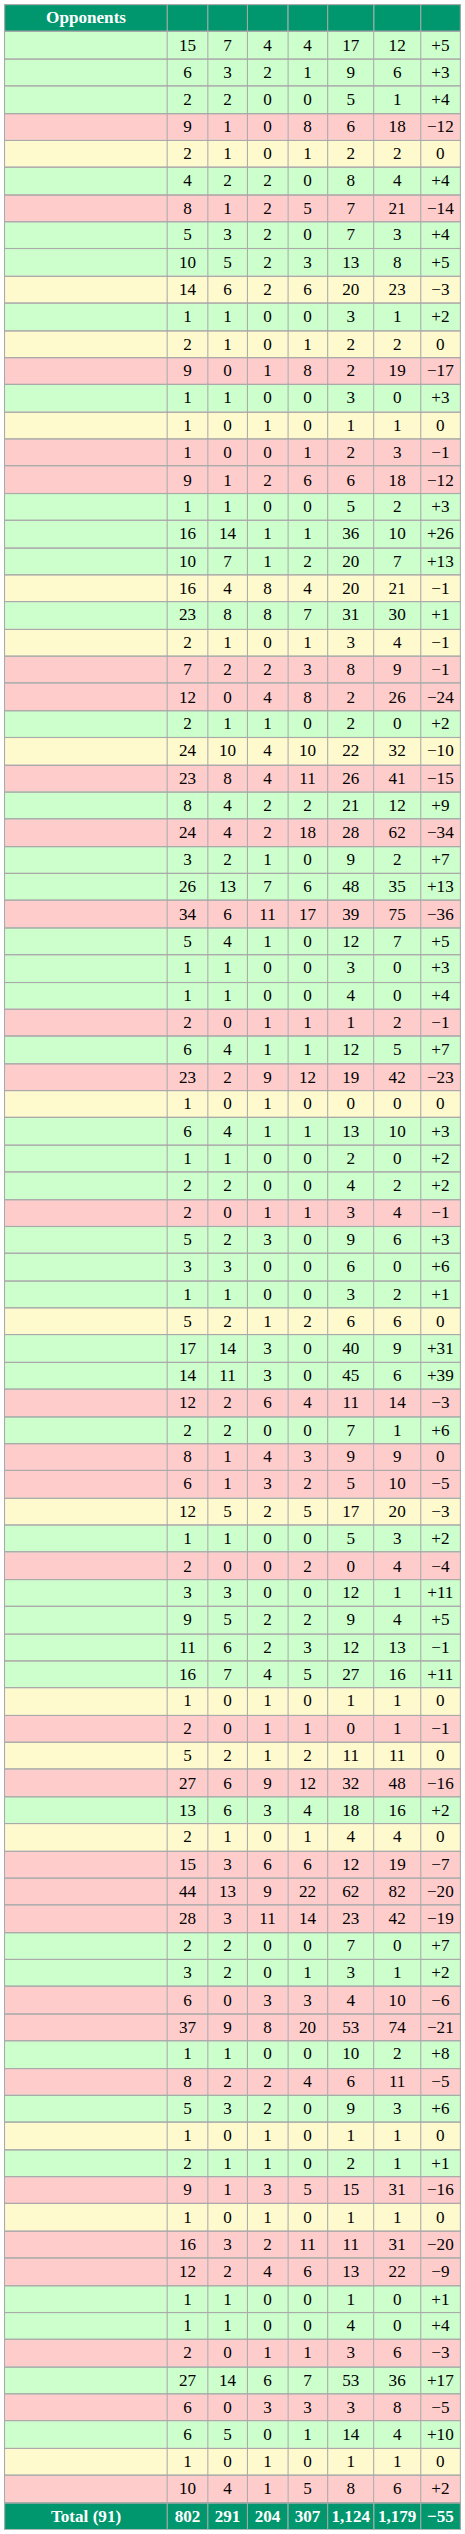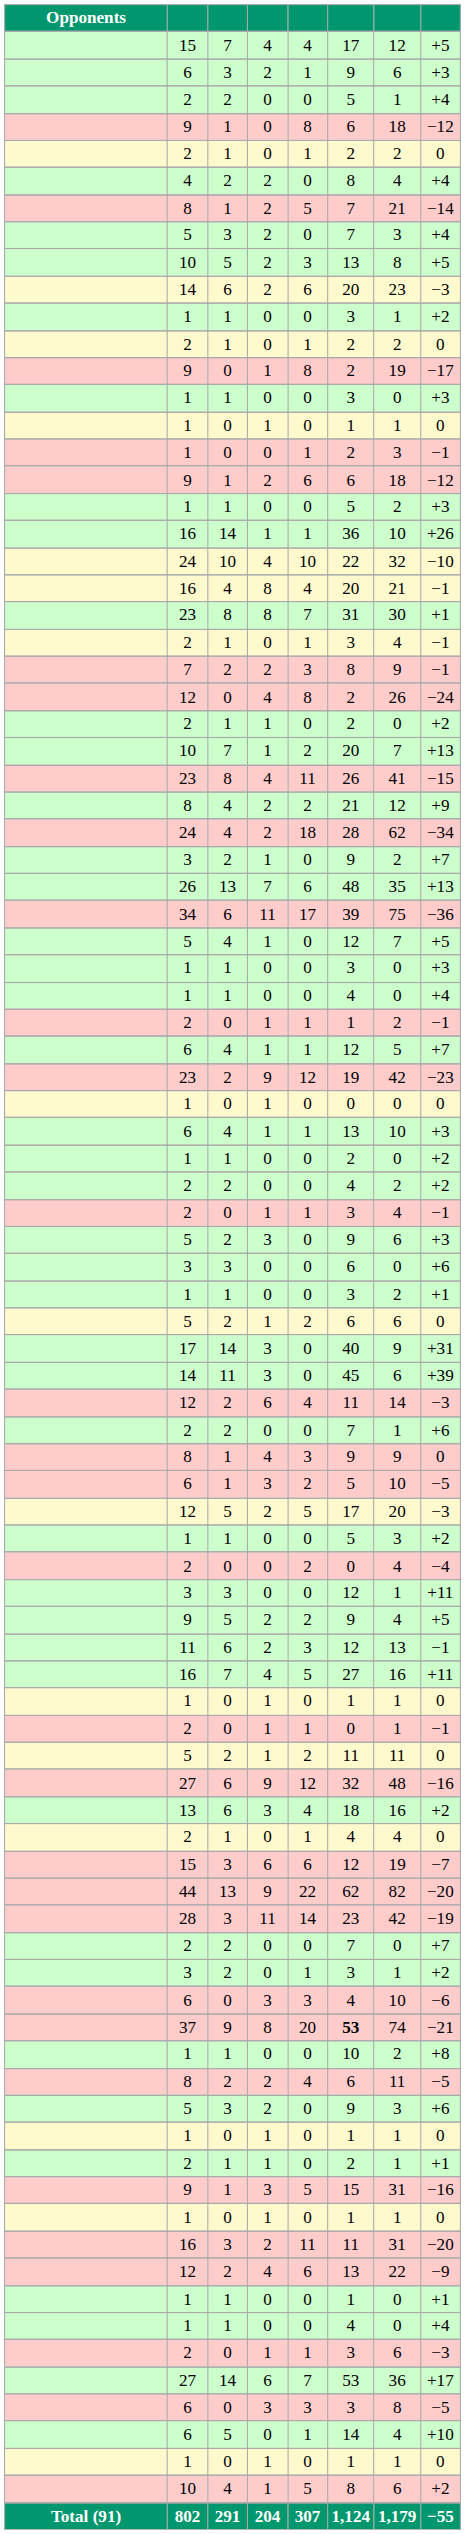 <table class="wikitable sortable collapsible collapsed" style="text-align: center; font-size: 100%;">
 <tr style="color:white;">
 <th style="width:145px; background-color:#00966E; color:white;">Opponents</th>
 <th style="width:30px; background-color:#00966E; color:white;"></th>
 <th style="width:30px; background-color:#00966E; color:white;"></th>
 <th style="width:30px; background-color:#00966E; color:white;"></th>
 <th style="width:30px; background-color:#00966E; color:white;"></th>
 <th style="width:30px; background-color:#00966E; color:white;"></th>
 <th style="width:30px; background-color:#00966E; color:white;"></th>
 <th style="width:30px; background-color:#00966E; color:white;"></th>
 </tr>
 <tr>
 </tr>
 <tr bgcolor="#CCFFCC">
 <td style="text-align:left;"></td>
 <td>15</td>
 <td>7</td>
 <td>4</td>
 <td>4</td>
 <td>17</td>
 <td>12</td>
 <td>+5</td>
 </tr>
 <tr>
 </tr>
 <tr bgcolor="#CCFFCC">
 <td style="text-align:left;"></td>
 <td>6</td>
 <td>3</td>
 <td>2</td>
 <td>1</td>
 <td>9</td>
 <td>6</td>
 <td>+3</td>
 </tr>
 <tr>
 </tr>
 <tr bgcolor="#CCFFCC">
 <td style="text-align:left;"></td>
 <td>2</td>
 <td>2</td>
 <td>0</td>
 <td>0</td>
 <td>5</td>
 <td>1</td>
 <td>+4</td>
 </tr>
 <tr>
 </tr>
 <tr bgcolor="#FFCCCC">
 <td style="text-align:left;"></td>
 <td>9</td>
 <td>1</td>
 <td>0</td>
 <td>8</td>
 <td>6</td>
 <td>18</td>
 <td>−12</td>
 </tr>
 <tr>
 </tr>
 <tr bgcolor="#FFFACD">
 <td style="text-align:left;"></td>
 <td>2</td>
 <td>1</td>
 <td>0</td>
 <td>1</td>
 <td>2</td>
 <td>2</td>
 <td>0</td>
 </tr>
 <tr>
 </tr>
 <tr bgcolor="#CCFFCC">
 <td style="text-align:left;"></td>
 <td>4</td>
 <td>2</td>
 <td>2</td>
 <td>0</td>
 <td>8</td>
 <td>4</td>
 <td>+4</td>
 </tr>
 <tr>
 </tr>
 <tr bgcolor="#FFCCCC">
 <td style="text-align:left;"></td>
 <td>8</td>
 <td>1</td>
 <td>2</td>
 <td>5</td>
 <td>7</td>
 <td>21</td>
 <td>−14</td>
 </tr>
 <tr>
 </tr>
 <tr bgcolor="#CCFFCC">
 <td style="text-align:left;"></td>
 <td>5</td>
 <td>3</td>
 <td>2</td>
 <td>0</td>
 <td>7</td>
 <td>3</td>
 <td>+4</td>
 </tr>
 <tr>
 </tr>
 <tr bgcolor="#CCFFCC">
 <td style="text-align:left;"></td>
 <td>10</td>
 <td>5</td>
 <td>2</td>
 <td>3</td>
 <td>13</td>
 <td>8</td>
 <td>+5</td>
 </tr>
 <tr>
 </tr>
 <tr bgcolor="#FFFACD">
 <td style="text-align:left;"></td>
 <td>14</td>
 <td>6</td>
 <td>2</td>
 <td>6</td>
 <td>20</td>
 <td>23</td>
 <td>−3</td>
 </tr>
 <tr>
 </tr>
 <tr bgcolor="#CCFFCC">
 <td style="text-align:left;"></td>
 <td>1</td>
 <td>1</td>
 <td>0</td>
 <td>0</td>
 <td>3</td>
 <td>1</td>
 <td>+2</td>
 </tr>
 <tr>
 </tr>
 <tr bgcolor="#FFFACD">
 <td style="text-align:left;"></td>
 <td>2</td>
 <td>1</td>
 <td>0</td>
 <td>1</td>
 <td>2</td>
 <td>2</td>
 <td>0</td>
 </tr>
 <tr>
 </tr>
 <tr bgcolor="#FFCCCC">
 <td style="text-align:left;"></td>
 <td>9</td>
 <td>0</td>
 <td>1</td>
 <td>8</td>
 <td>2</td>
 <td>19</td>
 <td>−17</td>
 </tr>
 <tr>
 </tr>
 <tr bgcolor="#CCFFCC">
 <td style="text-align:left;"></td>
 <td>1</td>
 <td>1</td>
 <td>0</td>
 <td>0</td>
 <td>3</td>
 <td>0</td>
 <td>+3</td>
 </tr>
 <tr>
 </tr>
 <tr bgcolor="#FFFACD">
 <td style="text-align:left;"></td>
 <td>1</td>
 <td>0</td>
 <td>1</td>
 <td>0</td>
 <td>1</td>
 <td>1</td>
 <td>0</td>
 </tr>
 <tr>
 </tr>
 <tr bgcolor="#FFCCCC">
 <td style="text-align:left;"></td>
 <td>1</td>
 <td>0</td>
 <td>0</td>
 <td>1</td>
 <td>2</td>
 <td>3</td>
 <td>−1</td>
 </tr>
 <tr>
 </tr>
 <tr bgcolor="#FFCCCC">
 <td style="text-align:left;"></td>
 <td>9</td>
 <td>1</td>
 <td>2</td>
 <td>6</td>
 <td>6</td>
 <td>18</td>
 <td>−12</td>
 </tr>
 <tr>
 </tr>
 <tr bgcolor="#CCFFCC">
 <td style="text-align:left;"></td>
 <td>1</td>
 <td>1</td>
 <td>0</td>
 <td>0</td>
 <td>5</td>
 <td>2</td>
 <td>+3</td>
 </tr>
 <tr>
 </tr>
 <tr bgcolor="#CCFFCC">
 <td style="text-align:left;"></td>
 <td>16</td>
 <td>14</td>
 <td>1</td>
 <td>1</td>
 <td>36</td>
 <td>10</td>
 <td>+26</td>
 </tr>
 <tr>
 </tr>
-<tr bgcolor="#CCFFCC">
+<tr bgcolor="#FFFACD">
 <td style="text-align:left;"></td>
+<td>24</td>
 <td>10</td>
-<td>7</td>
-<td>1</td>
-<td>2</td>
-<td>20</td>
-<td>7</td>
-<td>+13</td>
+<td>4</td>
+<td>10</td>
+<td>22</td>
+<td>32</td>
+<td>−10</td>
 </tr>
 <tr>
 </tr>
 <tr bgcolor="#FFFACD">
 <td style="text-align:left;"></td>
 <td>16</td>
 <td>4</td>
 <td>8</td>
 <td>4</td>
 <td>20</td>
 <td>21</td>
 <td>−1</td>
 </tr>
 <tr>
 </tr>
 <tr bgcolor="#CCFFCC">
 <td style="text-align:left;"><em></em></td>
 <td>23</td>
 <td>8</td>
 <td>8</td>
 <td>7</td>
 <td>31</td>
 <td>30</td>
 <td>+1</td>
 </tr>
 <tr>
 </tr>
 <tr bgcolor="#FFFACD">
 <td style="text-align:left;"></td>
 <td>2</td>
 <td>1</td>
 <td>0</td>
 <td>1</td>
 <td>3</td>
 <td>4</td>
 <td>−1</td>
 </tr>
 <tr>
 </tr>
 <tr bgcolor="#FFCCCC">
 <td style="text-align:left;"></td>
 <td>7</td>
 <td>2</td>
 <td>2</td>
 <td>3</td>
 <td>8</td>
 <td>9</td>
 <td>−1</td>
 </tr>
 <tr>
 </tr>
 <tr bgcolor="#FFCCCC">
 <td style="text-align:left;"></td>
 <td>12</td>
 <td>0</td>
 <td>4</td>
 <td>8</td>
 <td>2</td>
 <td>26</td>
 <td>−24</td>
 </tr>
 <tr>
 </tr>
 <tr bgcolor="#CCFFCC">
 <td style="text-align:left;"></td>
 <td>2</td>
 <td>1</td>
 <td>1</td>
 <td>0</td>
 <td>2</td>
 <td>0</td>
 <td>+2</td>
 </tr>
 <tr>
 </tr>
-<tr bgcolor="#FFFACD">
+<tr bgcolor="#CCFFCC">
 <td style="text-align:left;"></td>
-<td>24</td>
 <td>10</td>
-<td>4</td>
-<td>10</td>
-<td>22</td>
-<td>32</td>
-<td>−10</td>
+<td>7</td>
+<td>1</td>
+<td>2</td>
+<td>20</td>
+<td>7</td>
+<td>+13</td>
 </tr>
 <tr>
 </tr>
 <tr bgcolor="#FFCCCC">
 <td style="text-align:left;"></td>
 <td>23</td>
 <td>8</td>
 <td>4</td>
 <td>11</td>
 <td>26</td>
 <td>41</td>
 <td>−15</td>
 </tr>
 <tr>
 </tr>
 <tr bgcolor="#CCFFCC">
 <td style="text-align:left;"></td>
 <td>8</td>
 <td>4</td>
 <td>2</td>
 <td>2</td>
 <td>21</td>
 <td>12</td>
 <td>+9</td>
 </tr>
 <tr>
 </tr>
 <tr bgcolor="#FFCCCC">
 <td style="text-align:left;"></td>
 <td>24</td>
 <td>4</td>
 <td>2</td>
 <td>18</td>
 <td>28</td>
 <td>62</td>
 <td>−34</td>
 </tr>
 <tr>
 </tr>
 <tr bgcolor="#CCFFCC">
 <td style="text-align:left;"></td>
 <td>3</td>
 <td>2</td>
 <td>1</td>
 <td>0</td>
 <td>9</td>
 <td>2</td>
 <td>+7</td>
 </tr>
 <tr>
 </tr>
 <tr bgcolor="#CCFFCC">
 <td style="text-align:left;"></td>
 <td>26</td>
 <td>13</td>
 <td>7</td>
 <td>6</td>
 <td>48</td>
 <td>35</td>
 <td>+13</td>
 </tr>
 <tr>
 </tr>
 <tr bgcolor="#FFCCCC">
 <td style="text-align:left;"></td>
 <td>34</td>
 <td>6</td>
 <td>11</td>
 <td>17</td>
 <td>39</td>
 <td>75</td>
 <td>−36</td>
 </tr>
 <tr>
 </tr>
 <tr bgcolor="#CCFFCC">
 <td style="text-align:left;"></td>
 <td>5</td>
 <td>4</td>
 <td>1</td>
 <td>0</td>
 <td>12</td>
 <td>7</td>
 <td>+5</td>
 </tr>
 <tr>
 </tr>
 <tr bgcolor="#CCFFCC">
 <td style="text-align:left;"></td>
 <td>1</td>
 <td>1</td>
 <td>0</td>
 <td>0</td>
 <td>3</td>
 <td>0</td>
 <td>+3</td>
 </tr>
 <tr>
 </tr>
 <tr bgcolor="#CCFFCC">
 <td style="text-align:left;"></td>
 <td>1</td>
 <td>1</td>
 <td>0</td>
 <td>0</td>
 <td>4</td>
 <td>0</td>
 <td>+4</td>
 </tr>
 <tr>
 </tr>
 <tr bgcolor="#FFCCCC">
 <td style="text-align:left;"></td>
 <td>2</td>
 <td>0</td>
 <td>1</td>
 <td>1</td>
 <td>1</td>
 <td>2</td>
 <td>−1</td>
 </tr>
 <tr>
 </tr>
 <tr bgcolor="#CCFFCC">
 <td style="text-align:left;"></td>
 <td>6</td>
 <td>4</td>
 <td>1</td>
 <td>1</td>
 <td>12</td>
 <td>5</td>
 <td>+7</td>
 </tr>
 <tr>
 </tr>
 <tr bgcolor="#FFCCCC">
 <td style="text-align:left;"></td>
 <td>23</td>
 <td>2</td>
 <td>9</td>
 <td>12</td>
 <td>19</td>
 <td>42</td>
 <td>−23</td>
 </tr>
 <tr>
 </tr>
 <tr bgcolor="#FFFACD">
 <td style="text-align:left;"></td>
 <td>1</td>
 <td>0</td>
 <td>1</td>
 <td>0</td>
 <td>0</td>
 <td>0</td>
 <td>0</td>
 </tr>
 <tr>
 </tr>
 <tr bgcolor="#CCFFCC">
 <td style="text-align:left;"></td>
 <td>6</td>
 <td>4</td>
 <td>1</td>
 <td>1</td>
 <td>13</td>
 <td>10</td>
 <td>+3</td>
 </tr>
 <tr>
 </tr>
 <tr bgcolor="#CCFFCC">
 <td style="text-align:left;"></td>
 <td>1</td>
 <td>1</td>
 <td>0</td>
 <td>0</td>
 <td>2</td>
 <td>0</td>
 <td>+2</td>
 </tr>
 <tr>
 </tr>
 <tr bgcolor="#CCFFCC">
 <td style="text-align:left;"></td>
 <td>2</td>
 <td>2</td>
 <td>0</td>
 <td>0</td>
 <td>4</td>
 <td>2</td>
 <td>+2</td>
 </tr>
 <tr>
 </tr>
 <tr bgcolor="#FFCCCC">
 <td style="text-align:left;"></td>
 <td>2</td>
 <td>0</td>
 <td>1</td>
 <td>1</td>
 <td>3</td>
 <td>4</td>
 <td>−1</td>
 </tr>
 <tr>
 </tr>
 <tr bgcolor="#CCFFCC">
 <td style="text-align:left;"></td>
 <td>5</td>
 <td>2</td>
 <td>3</td>
 <td>0</td>
 <td>9</td>
 <td>6</td>
 <td>+3</td>
 </tr>
 <tr>
 </tr>
 <tr bgcolor="#CCFFCC">
 <td style="text-align:left;"></td>
 <td>3</td>
 <td>3</td>
 <td>0</td>
 <td>0</td>
 <td>6</td>
 <td>0</td>
 <td>+6</td>
 </tr>
 <tr>
 </tr>
 <tr bgcolor="#CCFFCC">
 <td style="text-align:left;"></td>
 <td>1</td>
 <td>1</td>
 <td>0</td>
 <td>0</td>
 <td>3</td>
 <td>2</td>
 <td>+1</td>
 </tr>
 <tr>
 </tr>
 <tr bgcolor="#FFFACD">
 <td style="text-align:left;"></td>
 <td>5</td>
 <td>2</td>
 <td>1</td>
 <td>2</td>
 <td>6</td>
 <td>6</td>
 <td>0</td>
 </tr>
 <tr>
 </tr>
 <tr bgcolor="#CCFFCC">
 <td style="text-align:left;"></td>
 <td>17</td>
 <td>14</td>
 <td>3</td>
 <td>0</td>
 <td>40</td>
 <td>9</td>
 <td>+31</td>
 </tr>
 <tr>
 </tr>
 <tr bgcolor="#CCFFCC">
 <td style="text-align:left;"></td>
 <td>14</td>
 <td>11</td>
 <td>3</td>
 <td>0</td>
 <td>45</td>
 <td>6</td>
 <td>+39</td>
 </tr>
 <tr>
 </tr>
 <tr bgcolor="#FFCCCC">
 <td style="text-align:left;"></td>
 <td>12</td>
 <td>2</td>
 <td>6</td>
 <td>4</td>
 <td>11</td>
 <td>14</td>
 <td>−3</td>
 </tr>
 <tr>
 </tr>
 <tr bgcolor="#CCFFCC">
 <td style="text-align:left;"></td>
 <td>2</td>
 <td>2</td>
 <td>0</td>
 <td>0</td>
 <td>7</td>
 <td>1</td>
 <td>+6</td>
 </tr>
 <tr>
 </tr>
 <tr bgcolor="#FFCCCC">
 <td style="text-align:left;"></td>
 <td>8</td>
 <td>1</td>
 <td>4</td>
 <td>3</td>
 <td>9</td>
 <td>9</td>
 <td>0</td>
 </tr>
 <tr>
 </tr>
 <tr bgcolor="#FFCCCC">
 <td style="text-align:left;"></td>
 <td>6</td>
 <td>1</td>
 <td>3</td>
 <td>2</td>
 <td>5</td>
 <td>10</td>
 <td>−5</td>
 </tr>
 <tr>
 </tr>
 <tr bgcolor="#FFFACD">
 <td style="text-align:left;"></td>
 <td>12</td>
 <td>5</td>
 <td>2</td>
 <td>5</td>
 <td>17</td>
 <td>20</td>
 <td>−3</td>
 </tr>
 <tr>
 </tr>
 <tr bgcolor="#CCFFCC">
 <td style="text-align:left;"></td>
 <td>1</td>
 <td>1</td>
 <td>0</td>
 <td>0</td>
 <td>5</td>
 <td>3</td>
 <td>+2</td>
 </tr>
 <tr>
 </tr>
 <tr bgcolor="#FFCCCC">
 <td style="text-align:left;"></td>
 <td>2</td>
 <td>0</td>
 <td>0</td>
 <td>2</td>
 <td>0</td>
 <td>4</td>
 <td>−4</td>
 </tr>
 <tr>
 </tr>
 <tr bgcolor="#CCFFCC">
 <td style="text-align:left;"></td>
 <td>3</td>
 <td>3</td>
 <td>0</td>
 <td>0</td>
 <td>12</td>
 <td>1</td>
 <td>+11</td>
 </tr>
 <tr>
 </tr>
 <tr bgcolor="#CCFFCC">
 <td style="text-align:left;"></td>
 <td>9</td>
 <td>5</td>
 <td>2</td>
 <td>2</td>
 <td>9</td>
 <td>4</td>
 <td>+5</td>
 </tr>
 <tr>
 </tr>
 <tr bgcolor="#CCFFCC">
 <td style="text-align:left;"></td>
 <td>11</td>
 <td>6</td>
 <td>2</td>
 <td>3</td>
 <td>12</td>
 <td>13</td>
 <td>−1</td>
 </tr>
 <tr>
 </tr>
 <tr bgcolor="#CCFFCC">
 <td style="text-align:left;"></td>
 <td>16</td>
 <td>7</td>
 <td>4</td>
 <td>5</td>
 <td>27</td>
 <td>16</td>
 <td>+11</td>
 </tr>
 <tr>
 </tr>
 <tr bgcolor="#FFFACD">
 <td style="text-align:left;"></td>
 <td>1</td>
 <td>0</td>
 <td>1</td>
 <td>0</td>
 <td>1</td>
 <td>1</td>
 <td>0</td>
 </tr>
 <tr>
 </tr>
 <tr bgcolor="#FFCCCC">
 <td style="text-align:left;"></td>
 <td>2</td>
 <td>0</td>
 <td>1</td>
 <td>1</td>
 <td>0</td>
 <td>1</td>
 <td>−1</td>
 </tr>
 <tr>
 </tr>
 <tr bgcolor="#FFFACD">
 <td style="text-align:left;"></td>
 <td>5</td>
 <td>2</td>
 <td>1</td>
 <td>2</td>
 <td>11</td>
 <td>11</td>
 <td>0</td>
 </tr>
 <tr>
 </tr>
 <tr bgcolor="#FFCCCC">
 <td style="text-align:left;"></td>
 <td>27</td>
 <td>6</td>
 <td>9</td>
 <td>12</td>
 <td>32</td>
 <td>48</td>
 <td>−16</td>
 </tr>
 <tr>
 </tr>
 <tr bgcolor="#CCFFCC">
 <td style="text-align:left;"></td>
 <td>13</td>
 <td>6</td>
 <td>3</td>
 <td>4</td>
 <td>18</td>
 <td>16</td>
 <td>+2</td>
 </tr>
 <tr>
 </tr>
 <tr bgcolor="#FFFACD">
 <td style="text-align:left;"></td>
 <td>2</td>
 <td>1</td>
 <td>0</td>
 <td>1</td>
 <td>4</td>
 <td>4</td>
 <td>0</td>
 </tr>
 <tr>
 </tr>
 <tr bgcolor="#FFCCCC">
 <td style="text-align:left;"></td>
 <td>15</td>
 <td>3</td>
 <td>6</td>
 <td>6</td>
 <td>12</td>
 <td>19</td>
 <td>−7</td>
 </tr>
 <tr>
 </tr>
 <tr bgcolor="#FFCCCC">
 <td style="text-align:left;"></td>
 <td>44</td>
 <td>13</td>
 <td>9</td>
 <td>22</td>
 <td>62</td>
 <td>82</td>
 <td>−20</td>
 </tr>
 <tr>
 </tr>
 <tr bgcolor="#FFCCCC">
 <td style="text-align:left;"></td>
 <td>28</td>
 <td>3</td>
 <td>11</td>
 <td>14</td>
 <td>23</td>
 <td>42</td>
 <td>−19</td>
 </tr>
 <tr>
 </tr>
 <tr bgcolor="#CCFFCC">
 <td style="text-align:left;"></td>
 <td>2</td>
 <td>2</td>
 <td>0</td>
 <td>0</td>
 <td>7</td>
 <td>0</td>
 <td>+7</td>
 </tr>
 <tr>
 </tr>
 <tr bgcolor="#CCFFCC">
 <td style="text-align:left;"></td>
 <td>3</td>
 <td>2</td>
 <td>0</td>
 <td>1</td>
 <td>3</td>
 <td>1</td>
 <td>+2</td>
 </tr>
 <tr>
 </tr>
 <tr bgcolor="#FFCCCC">
 <td style="text-align:left;"></td>
 <td>6</td>
 <td>0</td>
 <td>3</td>
 <td>3</td>
 <td>4</td>
 <td>10</td>
 <td>−6</td>
 </tr>
 <tr>
 </tr>
 <tr bgcolor="#FFCCCC">
 <td style="text-align:left;"></td>
 <td>37</td>
 <td>9</td>
 <td>8</td>
 <td>20</td>
-<td>53</td>
+<td><strong>53</strong></td>
 <td>74</td>
 <td>−21</td>
 </tr>
 <tr>
 </tr>
 <tr bgcolor="#CCFFCC">
 <td style="text-align:left;"></td>
 <td>1</td>
 <td>1</td>
 <td>0</td>
 <td>0</td>
 <td>10</td>
 <td>2</td>
 <td>+8</td>
 </tr>
 <tr>
 </tr>
 <tr bgcolor="#FFCCCC">
 <td style="text-align:left;"></td>
 <td>8</td>
 <td>2</td>
 <td>2</td>
 <td>4</td>
 <td>6</td>
 <td>11</td>
 <td>−5</td>
 </tr>
 <tr>
 </tr>
 <tr bgcolor="#CCFFCC">
 <td style="text-align:left;"></td>
 <td>5</td>
 <td>3</td>
 <td>2</td>
 <td>0</td>
 <td>9</td>
 <td>3</td>
 <td>+6</td>
 </tr>
 <tr>
 </tr>
 <tr bgcolor="#FFFACD">
 <td style="text-align:left;"></td>
 <td>1</td>
 <td>0</td>
 <td>1</td>
 <td>0</td>
 <td>1</td>
 <td>1</td>
 <td>0</td>
 </tr>
 <tr>
 </tr>
 <tr bgcolor="#CCFFCC">
 <td style="text-align:left;"></td>
 <td>2</td>
 <td>1</td>
 <td>1</td>
 <td>0</td>
 <td>2</td>
 <td>1</td>
 <td>+1</td>
 </tr>
 <tr>
 </tr>
 <tr bgcolor="#FFCCCC">
 <td style="text-align:left;"></td>
 <td>9</td>
 <td>1</td>
 <td>3</td>
 <td>5</td>
 <td>15</td>
 <td>31</td>
 <td>−16</td>
 </tr>
 <tr>
 </tr>
 <tr bgcolor="#FFFACD">
 <td style="text-align:left;"></td>
 <td>1</td>
 <td>0</td>
 <td>1</td>
 <td>0</td>
 <td>1</td>
 <td>1</td>
 <td>0</td>
 </tr>
 <tr>
 </tr>
 <tr bgcolor="#FFCCCC">
 <td style="text-align:left;"></td>
 <td>16</td>
 <td>3</td>
 <td>2</td>
 <td>11</td>
 <td>11</td>
 <td>31</td>
 <td>−20</td>
 </tr>
 <tr>
 </tr>
 <tr bgcolor="#FFCCCC">
 <td style="text-align:left;"></td>
 <td>12</td>
 <td>2</td>
 <td>4</td>
 <td>6</td>
 <td>13</td>
 <td>22</td>
 <td>−9</td>
 </tr>
 <tr>
 </tr>
 <tr bgcolor="#CCFFCC">
 <td style="text-align:left;"></td>
 <td>1</td>
 <td>1</td>
 <td>0</td>
 <td>0</td>
 <td>1</td>
 <td>0</td>
 <td>+1</td>
 </tr>
 <tr>
 </tr>
 <tr bgcolor="#CCFFCC">
 <td style="text-align:left;"></td>
 <td>1</td>
 <td>1</td>
 <td>0</td>
 <td>0</td>
 <td>4</td>
 <td>0</td>
 <td>+4</td>
 </tr>
 <tr>
 </tr>
 <tr bgcolor="#FFCCCC">
 <td style="text-align:left;"></td>
 <td>2</td>
 <td>0</td>
 <td>1</td>
 <td>1</td>
 <td>3</td>
 <td>6</td>
 <td>−3</td>
 </tr>
 <tr>
 </tr>
 <tr bgcolor="#CCFFCC">
 <td style="text-align:left;"></td>
 <td>27</td>
 <td>14</td>
 <td>6</td>
 <td>7</td>
 <td>53</td>
 <td>36</td>
 <td>+17</td>
 </tr>
 <tr>
 </tr>
 <tr bgcolor="#FFCCCC">
 <td style="text-align:left;"></td>
 <td>6</td>
 <td>0</td>
 <td>3</td>
 <td>3</td>
 <td>3</td>
 <td>8</td>
 <td>−5</td>
 </tr>
 <tr>
 </tr>
 <tr bgcolor="#CCFFCC">
 <td style="text-align:left;"></td>
 <td>6</td>
 <td>5</td>
 <td>0</td>
 <td>1</td>
 <td>14</td>
 <td>4</td>
 <td>+10</td>
 </tr>
 <tr>
 </tr>
 <tr bgcolor="#FFFACD">
 <td style="text-align:left;"></td>
 <td>1</td>
 <td>0</td>
 <td>1</td>
 <td>0</td>
 <td>1</td>
 <td>1</td>
 <td>0</td>
 </tr>
 <tr>
 </tr>
 <tr bgcolor="#FFCCCC">
 <td style="text-align:left;"></td>
 <td>10</td>
 <td>4</td>
 <td>1</td>
 <td>5</td>
 <td>8</td>
 <td>6</td>
 <td>+2</td>
 </tr>
 <tr class="sortbottom">
 </tr>
 <tr>
 </tr>
 <tr style="color:white;">
 <td colspan=1 style="background: #00966E; color: white;"><strong>Total (91)</strong></td>
 <td style="background: #00966E; color: white;"><strong>802</strong></td>
 <td style="background: #00966E; color: white;"><strong>291</strong></td>
 <td style="background: #00966E; color: white;"><strong>204</strong></td>
 <td style="background: #00966E; color: white;"><strong>307</strong></td>
 <td style="background: #00966E; color: white;"><strong>1,124</strong></td>
 <td style="background: #00966E; color: white;"><strong>1,179</strong></td>
 <td style="background: #00966E; color: white;"><strong>−55</strong></td>
 </tr>
 </table>
